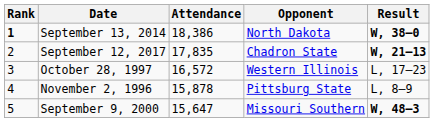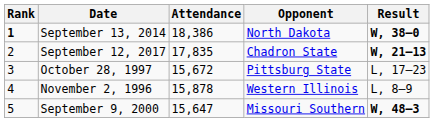 <table class=wikitable>
 <tr>
 <th>Rank</th>
 <th>Date</th>
 <th>Attendance</th>
 <th>Opponent</th>
 <th>Result</th>
 </tr>
 <tr>
 <td><strong>1</strong></td>
 <td>September 13, 2014</td>
 <td>18,386</td>
 <td><a href='#'>North Dakota</a></td>
 <td><strong>W, 38–0</strong></td>
 </tr>
 <tr>
 <td>2</td>
 <td>September 12, 2017</td>
 <td>17,835</td>
 <td><a href='#'>Chadron State</a></td>
 <td><strong>W, 21–13</strong></td>
 </tr>
 <tr>
 <td>3</td>
 <td>October 28, 1997</td>
-<td>16,572</td>
-<td><a href='#'>Western Illinois</a></td>
+<td>15,672</td>
+<td><a href='#'>Pittsburg State</a></td>
 <td>L, 17–23</td>
 </tr>
 <tr>
 <td>4</td>
 <td>November 2, 1996</td>
 <td>15,878</td>
-<td><a href='#'>Pittsburg State</a></td>
+<td><a href='#'>Western Illinois</a></td>
 <td>L, 8–9</td>
 </tr>
 <tr>
 <td>5</td>
 <td>September 9, 2000</td>
 <td>15,647</td>
 <td><a href='#'>Missouri Southern</a></td>
 <td><strong>W, 48–3</strong></td>
 </tr>
 </table>
